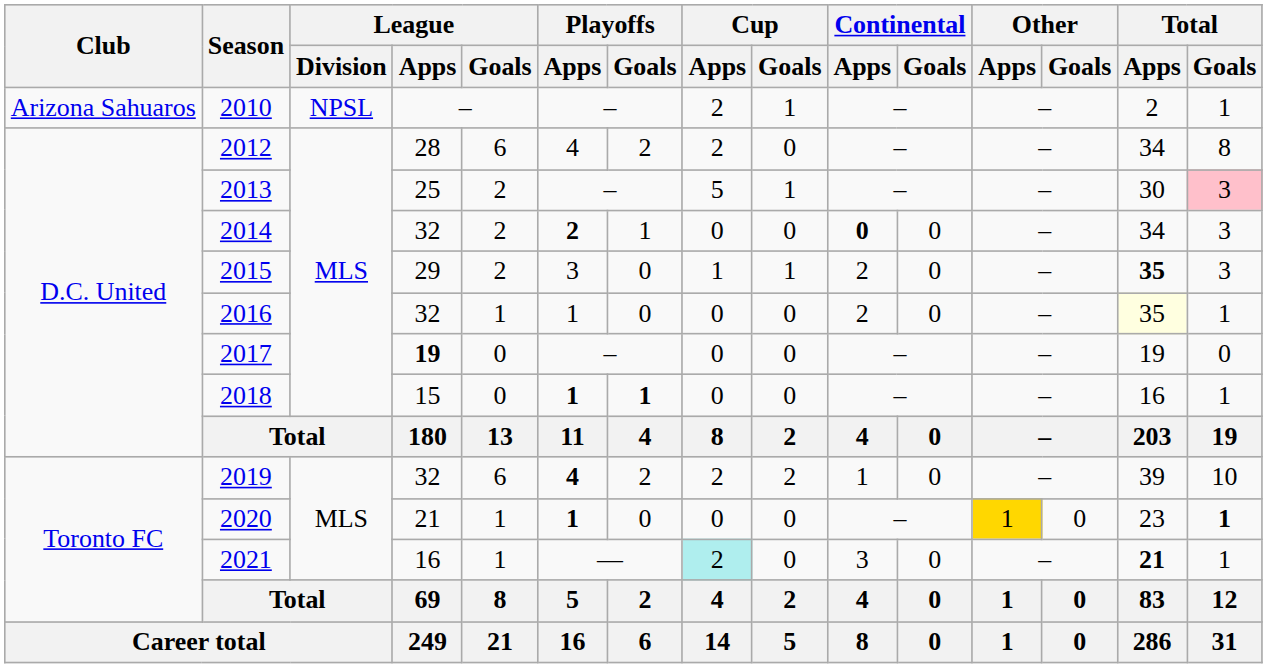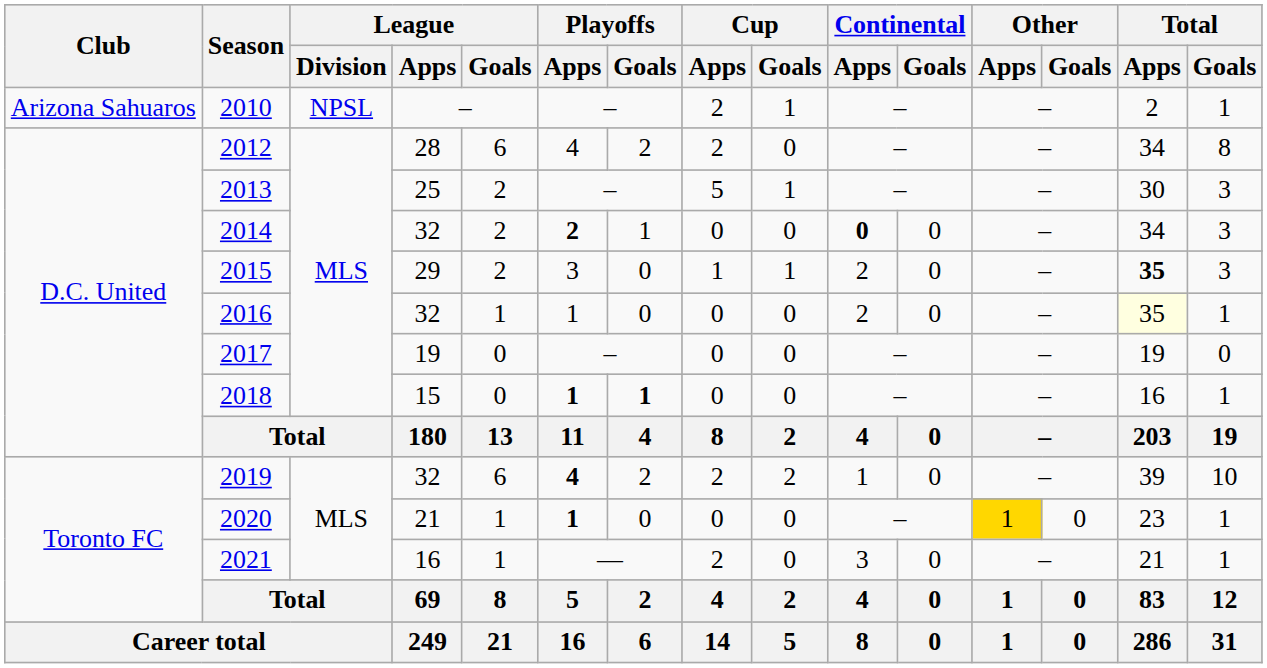 <table class="wikitable" style="text-align: center;">
 <tr>
 <th rowspan=2>Club</th>
 <th rowspan=2>Season</th>
 <th colspan=3>League</th>
 <th colspan=2>Playoffs</th>
 <th colspan=2>Cup</th>
 <th colspan=2><a href='#'>Continental</a></th>
 <th colspan=2>Other</th>
 <th colspan=2>Total</th>
 </tr>
 <tr>
 <th>Division</th>
 <th>Apps</th>
 <th>Goals</th>
 <th>Apps</th>
 <th>Goals</th>
 <th>Apps</th>
 <th>Goals</th>
 <th>Apps</th>
 <th>Goals</th>
 <th>Apps</th>
 <th>Goals</th>
 <th>Apps</th>
 <th>Goals</th>
 </tr>
 <tr>
 <td><a href='#'>Arizona Sahuaros</a></td>
 <td><a href='#'>2010</a></td>
 <td><a href='#'>NPSL</a></td>
 <td colspan=2>–</td>
 <td colspan=2>–</td>
 <td>2</td>
 <td>1</td>
 <td colspan=2>–</td>
 <td colspan=2>–</td>
 <td>2</td>
 <td>1</td>
 </tr>
 <tr>
 <td rowspan=8><a href='#'>D.C. United</a></td>
 <td><a href='#'>2012</a></td>
 <td rowspan=7><a href='#'>MLS</a></td>
 <td>28</td>
 <td>6</td>
 <td>4</td>
 <td>2</td>
 <td>2</td>
 <td>0</td>
 <td colspan=2>–</td>
 <td colspan=2>–</td>
 <td>34</td>
 <td>8</td>
 </tr>
 <tr>
 <td><a href='#'>2013</a></td>
 <td>25</td>
 <td>2</td>
 <td colspan=2>–</td>
 <td>5</td>
 <td>1</td>
 <td colspan=2>–</td>
 <td colspan=2>–</td>
 <td>30</td>
-<td style="background: pink;">3</td>
+<td>3</td>
 </tr>
 <tr>
 <td><a href='#'>2014</a></td>
 <td>32</td>
 <td>2</td>
 <td><strong>2</strong></td>
 <td>1</td>
 <td>0</td>
 <td>0</td>
 <td><strong>0</strong></td>
 <td>0</td>
 <td colspan=2>–</td>
 <td>34</td>
 <td>3</td>
 </tr>
 <tr>
 <td><a href='#'>2015</a></td>
 <td>29</td>
 <td>2</td>
 <td>3</td>
 <td>0</td>
 <td>1</td>
 <td>1</td>
 <td>2</td>
 <td>0</td>
 <td colspan=2>–</td>
 <td><strong>35</strong></td>
 <td>3</td>
 </tr>
 <tr>
 <td><a href='#'>2016</a></td>
 <td>32</td>
 <td>1</td>
 <td>1</td>
 <td>0</td>
 <td>0</td>
 <td>0</td>
 <td>2</td>
 <td>0</td>
 <td colspan=2>–</td>
 <td style="background: lightyellow;">35</td>
 <td>1</td>
 </tr>
 <tr>
 <td><a href='#'>2017</a></td>
-<td><strong>19</strong></td>
+<td>19</td>
 <td>0</td>
 <td colspan=2>–</td>
 <td>0</td>
 <td>0</td>
 <td colspan=2>–</td>
 <td colspan=2>–</td>
 <td>19</td>
 <td>0</td>
 </tr>
 <tr>
 <td><a href='#'>2018</a></td>
 <td>15</td>
 <td>0</td>
 <td><strong>1</strong></td>
 <td><strong>1</strong></td>
 <td>0</td>
 <td>0</td>
 <td colspan=2>–</td>
 <td colspan=2>–</td>
 <td>16</td>
 <td>1</td>
 </tr>
 <tr>
 <th colspan=2>Total</th>
 <th>180</th>
 <th>13</th>
 <th>11</th>
 <th>4</th>
 <th>8</th>
 <th>2</th>
 <th>4</th>
 <th>0</th>
 <th colspan=2>–</th>
 <th>203</th>
 <th>19</th>
 </tr>
 <tr>
 <td rowspan=4><a href='#'>Toronto FC</a></td>
 <td><a href='#'>2019</a></td>
 <td rowspan=3>MLS</td>
 <td>32</td>
 <td>6</td>
 <td><strong>4</strong></td>
 <td>2</td>
 <td>2</td>
 <td>2</td>
 <td>1</td>
 <td>0</td>
 <td colspan=2>–</td>
 <td>39</td>
 <td>10</td>
 </tr>
 <tr>
 <td><a href='#'>2020</a></td>
 <td>21</td>
 <td>1</td>
 <td><strong>1</strong></td>
 <td>0</td>
 <td>0</td>
 <td>0</td>
 <td colspan=2>–</td>
 <td style="background: gold;">1</td>
 <td>0</td>
 <td>23</td>
-<td><strong>1</strong></td>
+<td>1</td>
 </tr>
 <tr>
 <td><a href='#'>2021</a></td>
 <td>16</td>
 <td>1</td>
 <td colspan="2">—</td>
-<td style="background: paleturquoise;">2</td>
+<td>2</td>
 <td>0</td>
 <td>3</td>
 <td>0</td>
 <td colspan=2>–</td>
-<td><strong>21</strong></td>
+<td>21</td>
 <td>1</td>
 </tr>
 <tr>
 <th colspan=2>Total</th>
 <th>69</th>
 <th>8</th>
 <th>5</th>
 <th>2</th>
 <th>4</th>
 <th>2</th>
 <th>4</th>
 <th>0</th>
 <th>1</th>
 <th>0</th>
 <th>83</th>
 <th>12</th>
 </tr>
 <tr>
 <th colspan=3>Career total</th>
 <th>249</th>
 <th>21</th>
 <th>16</th>
 <th>6</th>
 <th>14</th>
 <th>5</th>
 <th>8</th>
 <th>0</th>
 <th>1</th>
 <th>0</th>
 <th>286</th>
 <th>31</th>
 </tr>
 </table>
